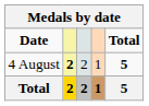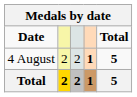 <table class="wikitable" style="font-size:85%">
 <tr bgcolor="#efefef">
 <th colspan=6>Medals by date</th>
 </tr>
 <tr align=center>
 <td><strong>Date</strong></td>
 <td bgcolor=#f7f6a8></td>
 <td bgcolor=#dce5e5></td>
 <td bgcolor=#ffdab9></td>
 <td><strong>Total</strong></td>
 </tr>
 <tr align=center>
 <td>4 August</td>
-<td style="background:#F7F6A8;"><strong>2</strong></td>
+<td style="background:#F7F6A8;">2</td>
 <td style="background:#DCE5E5;">2</td>
-<td style="background:#FFDAB9;">1</td>
+<td style="background:#FFDAB9;"><strong>1</strong></td>
 <td><strong>5</strong></td>
 </tr>
 <tr align=center>
 <th><strong>Total</strong></th>
 <th style="background:gold;"><strong>2</strong></th>
 <th style="background:silver;"><strong>2</strong></th>
 <th style="background:#c96;"><strong>1</strong></th>
 <th>5</th>
 </tr>
 </table>
